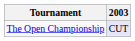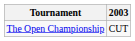 <table class="wikitable" style="font-size:95%;text-align:center;">
 <tr>
 <th>Tournament</th>
 <th>2003</th>
 </tr>
 <tr>
 <td align=left><a href='#'>The Open Championship</a></td>
-<td style="background: lavender;">CUT</td>
+<td>CUT</td>
 </tr>
 </table>
